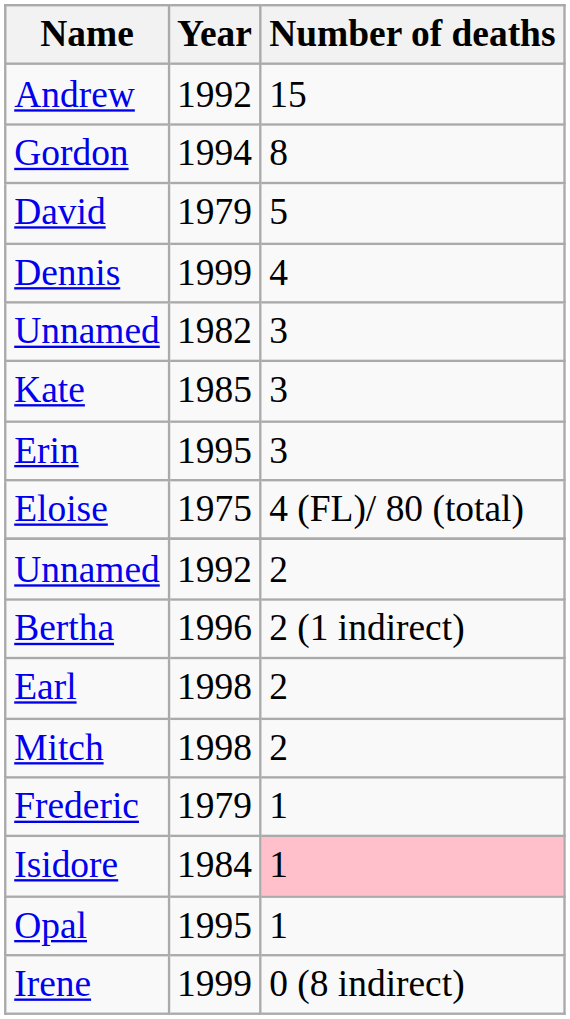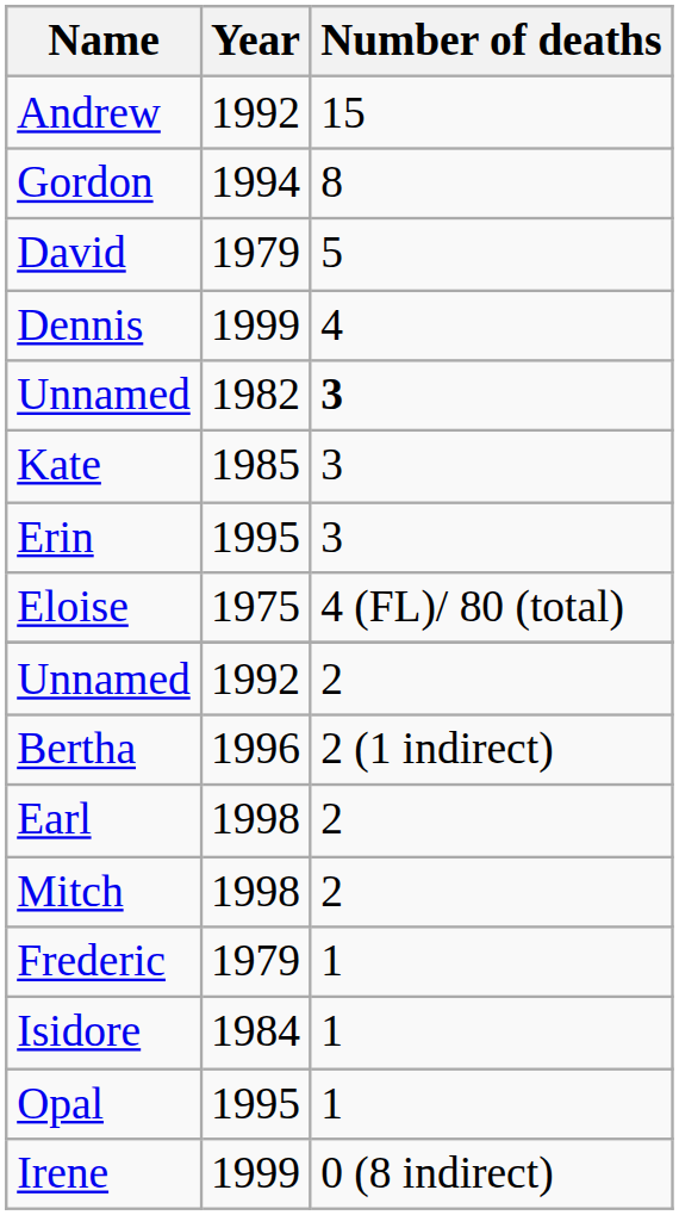 <table class="wikitable" align="center" style="margin:1em auto;">
 <tr bgcolor="#CCCCCC">
 <th>Name</th>
 <th>Year</th>
 <th>Number of deaths</th>
 </tr>
 <tr>
 <td><a href='#'>Andrew</a></td>
 <td>1992</td>
 <td>15</td>
 </tr>
 <tr>
 <td><a href='#'>Gordon</a></td>
 <td>1994</td>
 <td>8</td>
 </tr>
 <tr>
 <td><a href='#'>David</a></td>
 <td>1979</td>
 <td>5</td>
 </tr>
 <tr>
 <td><a href='#'>Dennis</a></td>
 <td>1999</td>
 <td>4</td>
 </tr>
 <tr>
 <td><a href='#'>Unnamed</a></td>
 <td>1982</td>
-<td>3</td>
+<td><strong>3</strong></td>
 </tr>
 <tr>
 <td><a href='#'>Kate</a></td>
 <td>1985</td>
 <td>3</td>
 </tr>
 <tr>
 <td><a href='#'>Erin</a></td>
 <td>1995</td>
 <td>3</td>
 </tr>
 <tr>
 <td><a href='#'>Eloise</a></td>
 <td>1975</td>
 <td>4 (FL)/ 80 (total)</td>
 </tr>
 <tr>
 </tr>
 <tr>
 </tr>
 <tr>
 <td><a href='#'>Unnamed</a></td>
 <td>1992</td>
 <td>2</td>
 </tr>
 <tr>
 <td><a href='#'>Bertha</a></td>
 <td>1996</td>
 <td>2 (1 indirect)</td>
 </tr>
 <tr>
 <td><a href='#'>Earl</a></td>
 <td>1998</td>
 <td>2</td>
 </tr>
 <tr>
 <td><a href='#'>Mitch</a></td>
 <td>1998</td>
 <td>2</td>
 </tr>
 <tr>
 <td><a href='#'>Frederic</a></td>
 <td>1979</td>
 <td>1</td>
 </tr>
 <tr>
 <td><a href='#'>Isidore</a></td>
 <td>1984</td>
-<td style="background: pink;">1</td>
+<td>1</td>
 </tr>
 <tr>
 <td><a href='#'>Opal</a></td>
 <td>1995</td>
 <td>1</td>
 </tr>
 <tr>
 <td><a href='#'>Irene</a></td>
 <td>1999</td>
 <td>0 (8 indirect)</td>
 </tr>
 </table>
